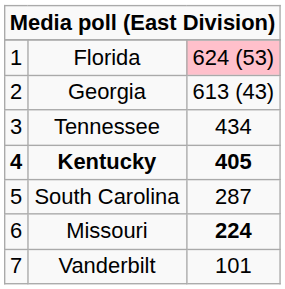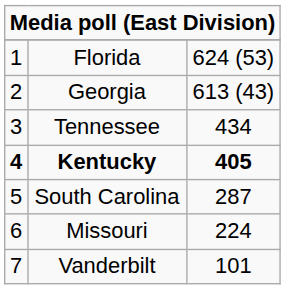 <table class="wikitable" style="display: inline-table;">
 <tr>
 <td align="center" Colspan="3"><strong>Media poll (East Division)</strong></td>
 </tr>
 <tr align="center">
 </tr>
 <tr align="center">
 <td>1</td>
 <td>Florida</td>
-<td style="background: pink;">624 (53)</td>
+<td>624 (53)</td>
 </tr>
 <tr align="center">
 <td>2</td>
 <td>Georgia</td>
 <td>613 (43)</td>
 </tr>
 <tr align="center">
 <td>3</td>
 <td>Tennessee</td>
 <td>434</td>
 </tr>
 <tr align="center">
 <td><strong>4</strong></td>
 <td><strong>Kentucky</strong></td>
 <td><strong>405</strong></td>
 </tr>
 <tr align="center">
 <td>5</td>
 <td>South Carolina</td>
 <td>287</td>
 </tr>
 <tr align="center">
 <td>6</td>
 <td>Missouri</td>
-<td><strong>224</strong></td>
+<td>224</td>
 </tr>
 <tr align="center">
 <td>7</td>
 <td>Vanderbilt</td>
 <td>101</td>
 </tr>
 </table>
